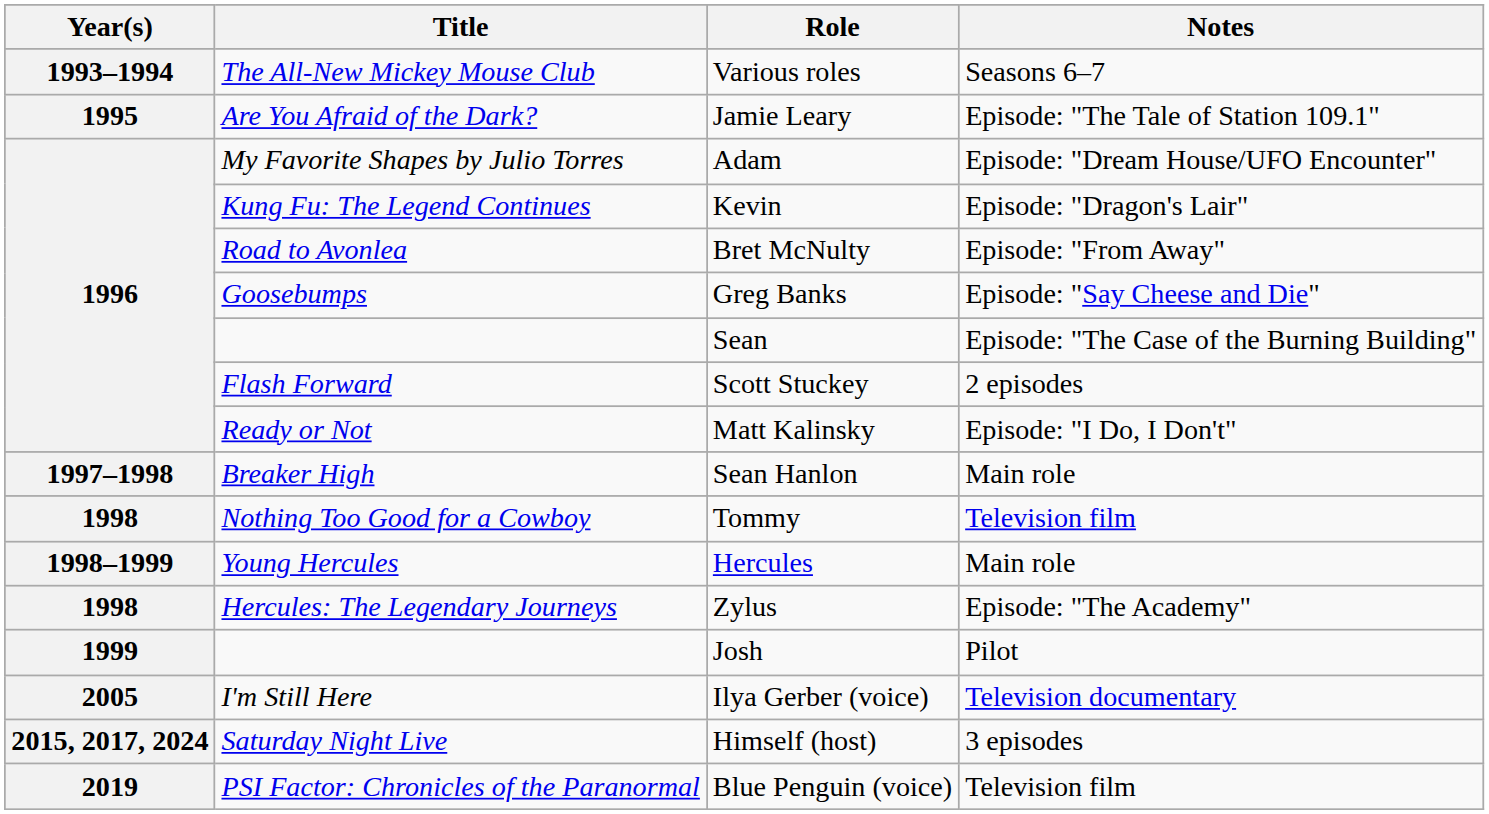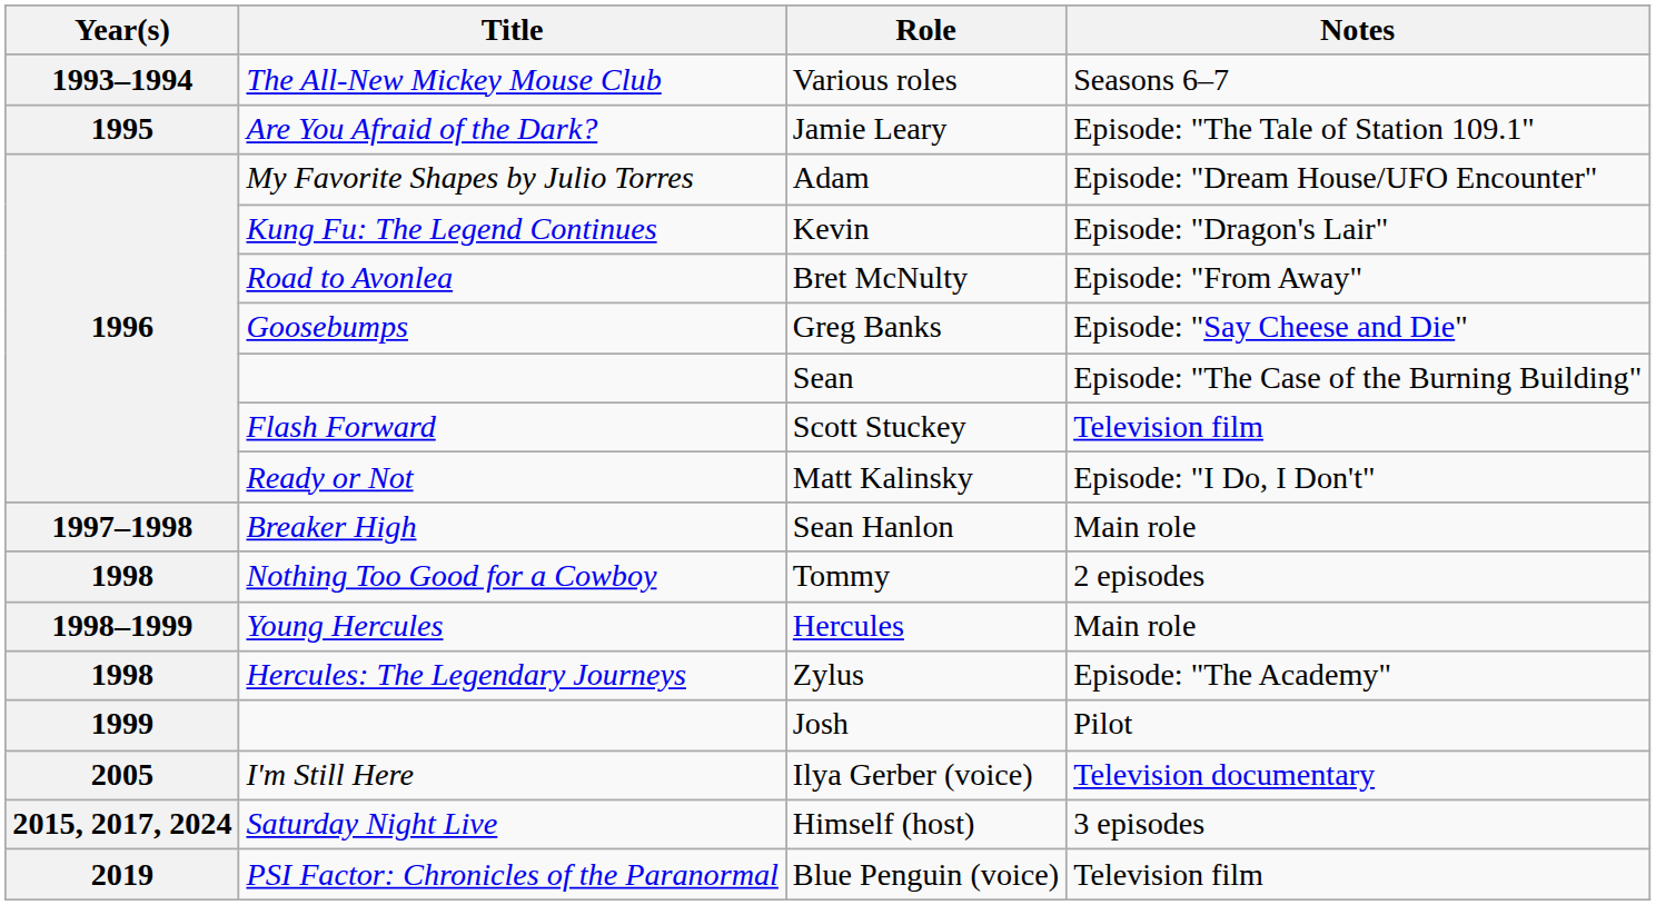 <table class="wikitable plainrowheaders sortable">
 <tr>
 <th scope="col">Year(s)</th>
 <th scope="col">Title</th>
 <th scope="col">Role</th>
 <th scope="col" class="unsortable">Notes</th>
 </tr>
 <tr>
 <th scope="row">1993–1994</th>
 <td data-sort-value="All-New Mickey Mouse Club, The"><em><a href='#'>The All-New Mickey Mouse Club</a></em></td>
 <td>Various roles</td>
 <td>Seasons 6–7</td>
 </tr>
 <tr>
 <th scope="row">1995</th>
 <td><em><a href='#'>Are You Afraid of the Dark?</a></em></td>
 <td>Jamie Leary</td>
 <td>Episode: "The Tale of Station 109.1"</td>
 </tr>
 <tr>
 <th rowspan="7" scope="row">1996</th>
 <td><em>My Favorite Shapes by Julio Torres</em></td>
 <td>Adam</td>
 <td>Episode: "Dream House/UFO Encounter"</td>
 </tr>
 <tr>
 <td><em><a href='#'>Kung Fu: The Legend Continues</a></em></td>
 <td>Kevin</td>
 <td>Episode: "Dragon's Lair"</td>
 </tr>
 <tr>
 <td><em><a href='#'>Road to Avonlea</a></em></td>
 <td>Bret McNulty</td>
 <td>Episode: "From Away"</td>
 </tr>
 <tr>
 <td><em><a href='#'>Goosebumps</a></em></td>
 <td>Greg Banks</td>
 <td>Episode: "<a href='#'>Say Cheese and Die</a>"</td>
 </tr>
 <tr>
 <td><em></em></td>
 <td>Sean</td>
 <td>Episode: "The Case of the Burning Building"</td>
 </tr>
 <tr>
 <td><em><a href='#'>Flash Forward</a></em></td>
 <td>Scott Stuckey</td>
-<td>2 episodes</td>
+<td><a href='#'>Television film</a></td>
 </tr>
 <tr>
 <td><em><a href='#'>Ready or Not</a></em></td>
 <td>Matt Kalinsky</td>
 <td>Episode: "I Do, I Don't"</td>
 </tr>
 <tr>
 <th scope="row">1997–1998</th>
 <td><em><a href='#'>Breaker High</a></em></td>
 <td>Sean Hanlon</td>
 <td>Main role</td>
 </tr>
 <tr>
 <th scope="row">1998</th>
 <td><em><a href='#'>Nothing Too Good for a Cowboy</a></em></td>
 <td>Tommy</td>
-<td><a href='#'>Television film</a></td>
+<td>2 episodes</td>
 </tr>
 <tr>
 <th scope="row">1998–1999</th>
 <td><em><a href='#'>Young Hercules</a></em></td>
 <td><a href='#'>Hercules</a></td>
 <td>Main role</td>
 </tr>
 <tr>
 <th scope="row">1998</th>
 <td><em><a href='#'>Hercules: The Legendary Journeys</a></em></td>
 <td>Zylus</td>
 <td>Episode: "The Academy"</td>
 </tr>
 <tr>
 <th scope="row">1999</th>
 <td><em></em></td>
 <td>Josh</td>
 <td>Pilot</td>
 </tr>
 <tr>
 <th scope="row">2005</th>
 <td><em>I'm Still Here</em></td>
 <td>Ilya Gerber (voice)</td>
 <td><a href='#'>Television documentary</a></td>
 </tr>
 <tr>
 <th scope="row">2015, 2017, 2024</th>
 <td><em><a href='#'>Saturday Night Live</a></em></td>
 <td>Himself (host)</td>
 <td>3 episodes</td>
 </tr>
 <tr>
 <th scope="row">2019</th>
 <td><em><a href='#'>PSI Factor: Chronicles of the Paranormal</a></em></td>
 <td>Blue Penguin (voice)</td>
 <td>Television film</td>
 </tr>
 </table>
